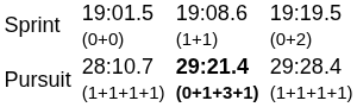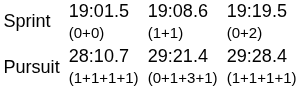 <table>
 <tr>
 <td>Sprint<br></td>
 <td></td>
 <td>19:01.5<br><small>(0+0)</small></td>
 <td></td>
 <td>19:08.6<br><small>(1+1)</small></td>
 <td></td>
 <td>19:19.5<br><small>(0+2)</small></td>
 </tr>
 <tr>
 <td>Pursuit<br></td>
 <td></td>
 <td>28:10.7<br><small>(1+1+1+1)</small></td>
 <td></td>
-<td><strong>29:21.4<br><small>(0+1+3+1)</small></strong></td>
+<td>29:21.4<br><small>(0+1+3+1)</small></td>
 <td></td>
 <td>29:28.4<br><small>(1+1+1+1)</small></td>
 </tr>
 </table>
